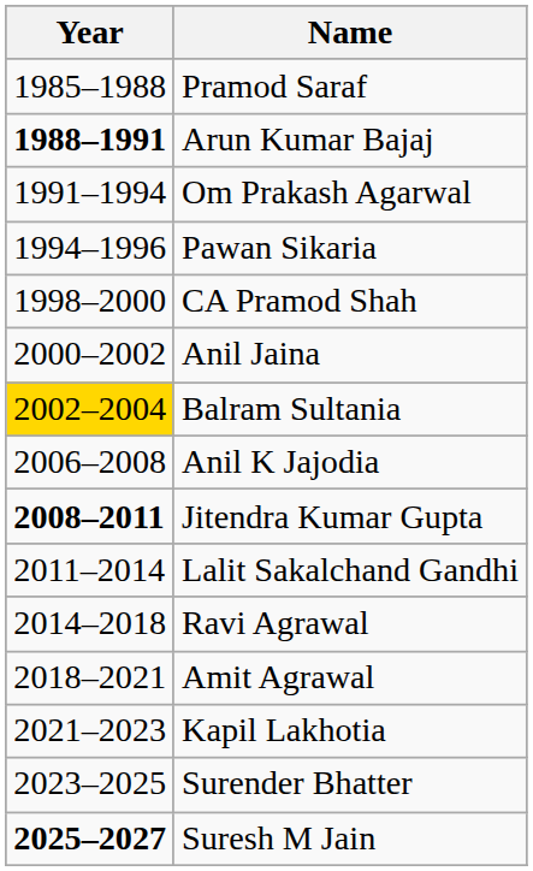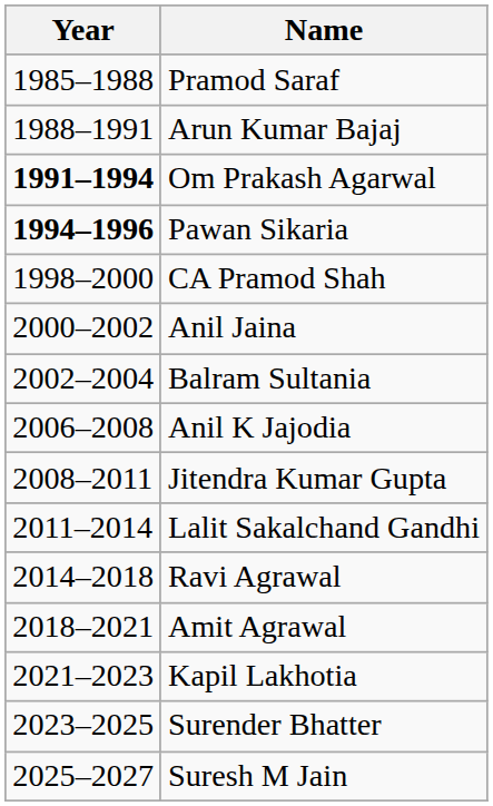 <table class="wikitable">
 <tr>
 <th>Year</th>
 <th colspan="2">Name</th>
 </tr>
 <tr>
 <td>1985–1988</td>
 <td>Pramod Saraf</td>
 </tr>
 <tr>
-<td><strong>1988–1991</strong></td>
+<td>1988–1991</td>
 <td>Arun Kumar Bajaj</td>
 </tr>
 <tr>
-<td>1991–1994</td>
+<td><strong>1991–1994</strong></td>
 <td>Om Prakash Agarwal</td>
 </tr>
 <tr>
-<td>1994–1996</td>
+<td><strong>1994–1996</strong></td>
 <td>Pawan Sikaria</td>
 </tr>
 <tr>
 <td>1998–2000</td>
 <td>CA Pramod Shah</td>
 </tr>
 <tr>
 <td>2000–2002</td>
 <td>Anil Jaina</td>
 </tr>
 <tr>
-<td style="background: gold;">2002–2004</td>
+<td>2002–2004</td>
 <td>Balram Sultania</td>
 </tr>
 <tr>
 <td>2006–2008</td>
 <td>Anil K Jajodia</td>
 </tr>
 <tr>
-<td><strong>2008–2011</strong></td>
+<td>2008–2011</td>
 <td>Jitendra Kumar Gupta</td>
 </tr>
 <tr>
 <td>2011–2014</td>
 <td>Lalit Sakalchand Gandhi</td>
 </tr>
 <tr>
 <td>2014–2018</td>
 <td>Ravi Agrawal</td>
 </tr>
 <tr>
 <td>2018–2021</td>
 <td>Amit Agrawal</td>
 </tr>
 <tr>
 <td>2021–2023</td>
 <td>Kapil Lakhotia</td>
 </tr>
 <tr>
 <td>2023–2025</td>
 <td>Surender Bhatter</td>
 </tr>
 <tr>
-<td><strong>2025–2027</strong></td>
+<td>2025–2027</td>
 <td>Suresh M Jain</td>
 </tr>
 <tr>
 </tr>
 </table>
